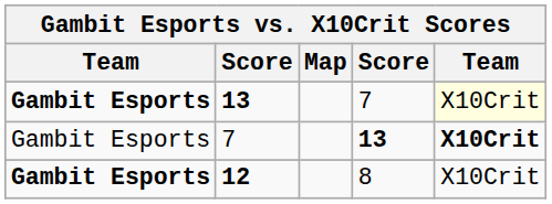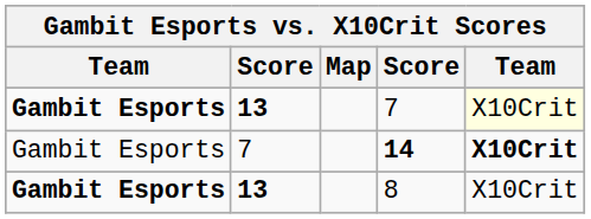 <table class="wikitable">
 <tr>
 <th colspan="5">Gambit Esports vs. X10Crit Scores</th>
 </tr>
 <tr>
 <th>Team</th>
 <th>Score</th>
 <th>Map</th>
 <th>Score</th>
 <th>Team</th>
 </tr>
 <tr>
 <td><strong>Gambit Esports</strong></td>
 <td><strong>13</strong></td>
 <td></td>
 <td>7</td>
 <td style="background: lightyellow;">X10Crit</td>
 </tr>
 <tr>
 <td>Gambit Esports</td>
 <td>7</td>
 <td></td>
-<td><strong>13</strong></td>
+<td><strong>14</strong></td>
 <td><strong>X10Crit</strong></td>
 </tr>
 <tr>
 <td><strong>Gambit Esports</strong></td>
-<td><strong>12</strong></td>
+<td><strong>13</strong></td>
 <td></td>
 <td>8</td>
 <td>X10Crit</td>
 </tr>
 </table>
